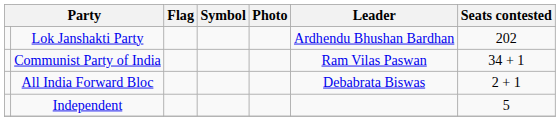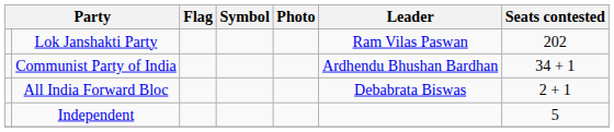 <table class="wikitable" style="text-align:center;">
 <tr>
 <th colspan="2">Party</th>
 <th>Flag</th>
 <th>Symbol</th>
 <th>Photo</th>
 <th>Leader</th>
 <th>Seats contested</th>
 </tr>
 <tr>
 <td></td>
 <td><a href='#'>Lok Janshakti Party</a></td>
 <td></td>
 <td></td>
 <td></td>
-<td><a href='#'>Ardhendu Bhushan Bardhan</a></td>
+<td><a href='#'>Ram Vilas Paswan</a></td>
 <td>202</td>
 </tr>
 <tr>
 <td></td>
 <td><a href='#'>Communist Party of India</a></td>
 <td></td>
 <td></td>
 <td></td>
-<td><a href='#'>Ram Vilas Paswan</a></td>
+<td><a href='#'>Ardhendu Bhushan Bardhan</a></td>
 <td>34 + 1 </td>
 </tr>
 <tr>
 <td></td>
 <td><a href='#'>All India Forward Bloc</a></td>
 <td></td>
 <td></td>
 <td></td>
 <td><a href='#'>Debabrata Biswas</a></td>
 <td>2 + 1 </td>
 </tr>
 <tr>
 <td></td>
 <td><a href='#'>Independent</a></td>
 <td></td>
 <td></td>
 <td></td>
 <td></td>
 <td>5</td>
 </tr>
 <tr>
 </tr>
 </table>
